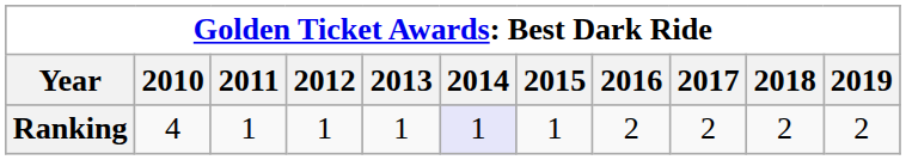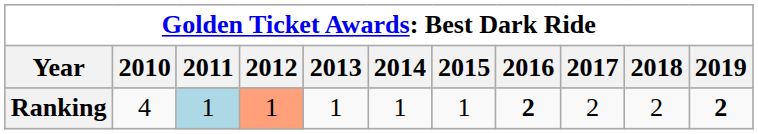 <table class="wikitable">
 <tr>
 <th colspan="17" align="center" style="background:#fff"><a href='#'>Golden Ticket Awards</a>: Best Dark Ride</th>
 </tr>
 <tr>
 <th style="text-align:center;">Year</th>
 <th>2010</th>
 <th>2011</th>
 <th>2012</th>
 <th>2013</th>
 <th>2014</th>
 <th>2015</th>
 <th>2016</th>
 <th>2017</th>
 <th>2018</th>
 <th>2019</th>
 </tr>
 <tr align="center">
 <th style="text-align:center;"><strong>Ranking</strong></th>
 <td>4</td>
+<td style="background: lightblue;">1</td>
+<td style="background: lightsalmon;">1</td>
 <td>1</td>
 <td>1</td>
 <td>1</td>
-<td style="background: lavender;">1</td>
-<td>1</td>
+<td><strong>2</strong></td>
 <td>2</td>
 <td>2</td>
-<td>2</td>
-<td>2</td>
+<td><strong>2</strong></td>
 </tr>
 </table>
